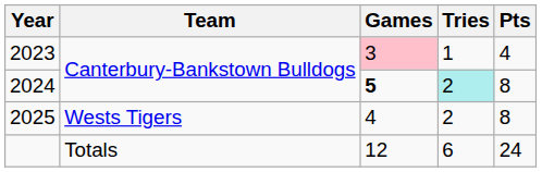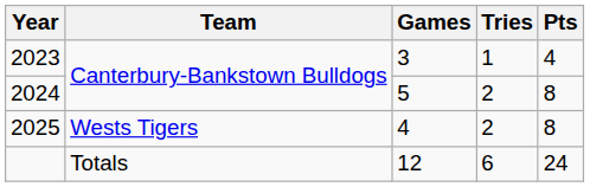 <table class="wikitable">
 <tr>
 <th>Year</th>
 <th>Team</th>
 <th>Games</th>
 <th>Tries</th>
 <th>Pts</th>
 </tr>
 <tr>
 <td>2023</td>
 <td rowspan="2"> <a href='#'>Canterbury-Bankstown Bulldogs</a></td>
-<td style="background: pink;">3</td>
+<td>3</td>
 <td>1</td>
 <td>4</td>
 </tr>
 <tr>
 <td>2024</td>
-<td><strong>5</strong></td>
-<td style="background: paleturquoise;">2</td>
+<td>5</td>
+<td>2</td>
 <td>8</td>
 </tr>
 <tr>
 <td>2025</td>
 <td> <a href='#'>Wests Tigers</a></td>
 <td>4</td>
 <td>2</td>
 <td>8</td>
 </tr>
 <tr>
 <td></td>
 <td>Totals</td>
 <td>12</td>
 <td>6</td>
 <td>24</td>
 </tr>
 </table>
